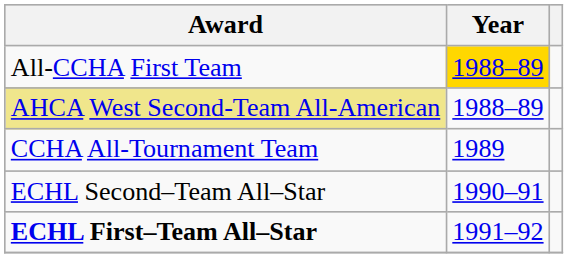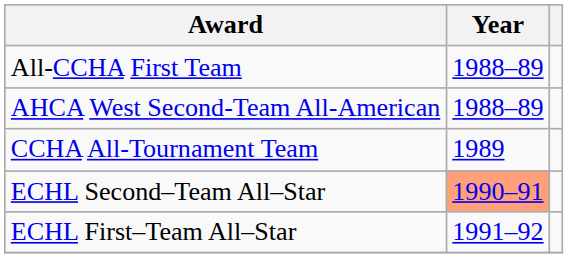 <table class="wikitable">
 <tr>
 <th>Award</th>
 <th>Year</th>
 <th></th>
 </tr>
 <tr>
 <td>All-<a href='#'>CCHA</a> <a href='#'>First Team</a></td>
-<td style="background: gold;"><a href='#'>1988–89</a></td>
+<td><a href='#'>1988–89</a></td>
 <td></td>
 </tr>
 <tr>
-<td style="background: khaki;"><a href='#'>AHCA</a> <a href='#'>West Second-Team All-American</a></td>
+<td><a href='#'>AHCA</a> <a href='#'>West Second-Team All-American</a></td>
 <td><a href='#'>1988–89</a></td>
 <td></td>
 </tr>
 <tr>
 <td><a href='#'>CCHA</a> <a href='#'>All-Tournament Team</a></td>
 <td><a href='#'>1989</a></td>
 <td></td>
 </tr>
 <tr>
 <td><a href='#'>ECHL</a> Second–Team All–Star</td>
-<td><a href='#'>1990–91</a></td>
+<td style="background: lightsalmon;"><a href='#'>1990–91</a></td>
 <td></td>
 </tr>
 <tr>
-<td><strong><a href='#'>ECHL</a> First–Team All–Star</strong></td>
+<td><a href='#'>ECHL</a> First–Team All–Star</td>
 <td><a href='#'>1991–92</a></td>
 <td></td>
 </tr>
 <tr>
 </tr>
 </table>
